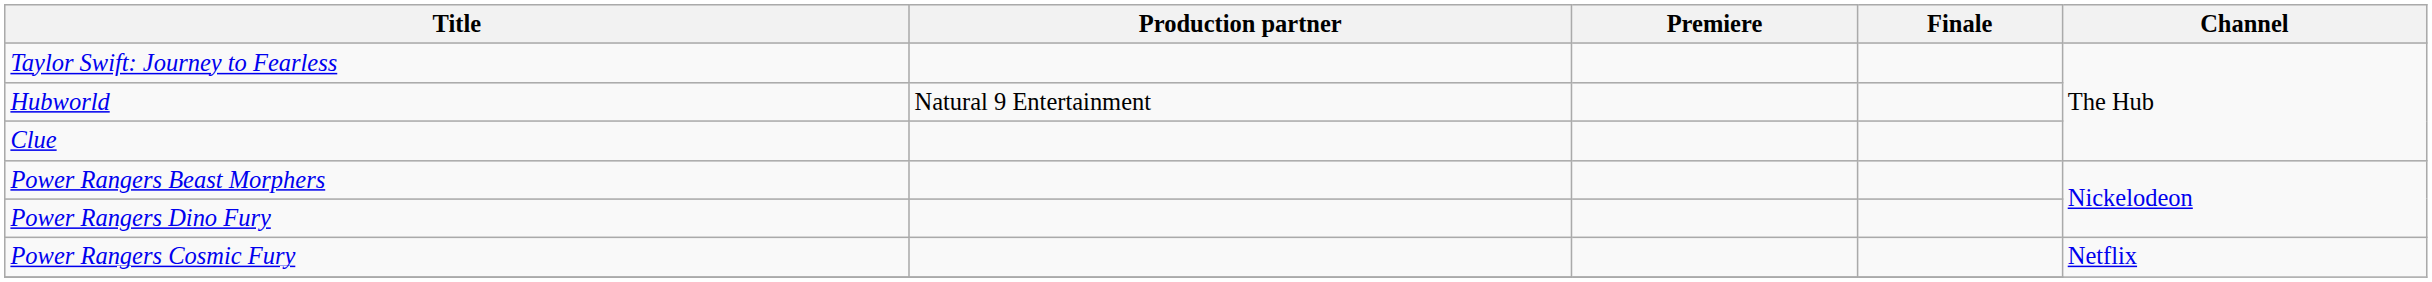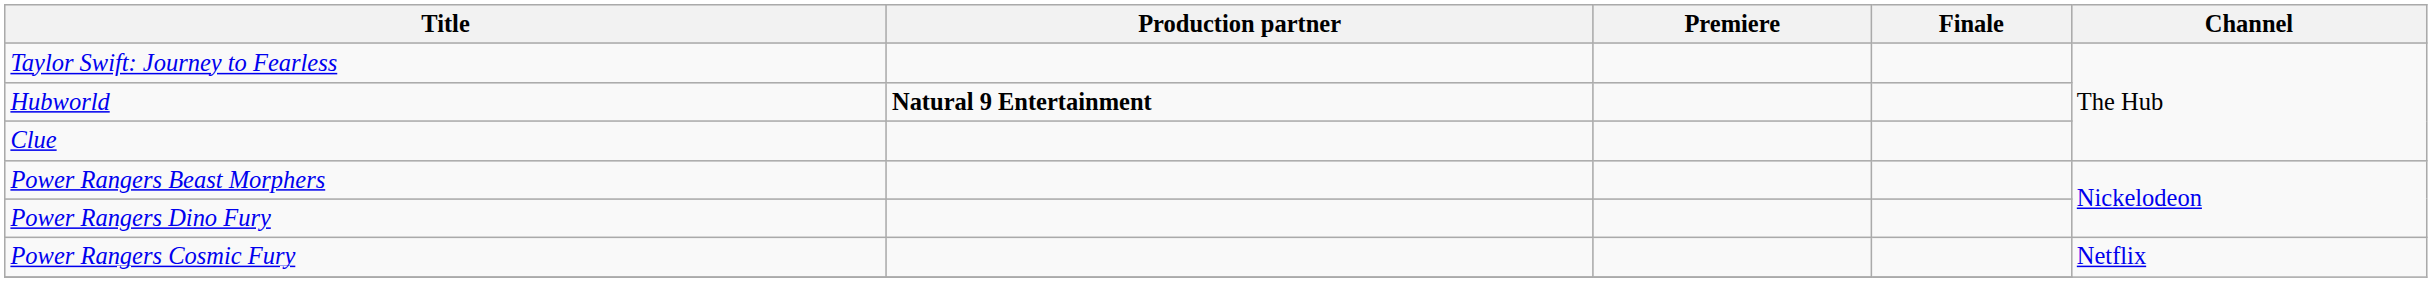 <table class="wikitable sortable" style="text-align:left" width=100%>
 <tr>
 <th>Title</th>
 <th>Production partner</th>
 <th>Premiere</th>
 <th>Finale</th>
 <th>Channel</th>
 </tr>
 <tr>
 <td><em><a href='#'>Taylor Swift: Journey to Fearless</a></em></td>
 <td></td>
 <td></td>
 <td></td>
 <td rowspan=3>The Hub</td>
 </tr>
 <tr>
 <td><em><a href='#'>Hubworld</a></em></td>
-<td>Natural 9 Entertainment</td>
+<td><strong>Natural 9 Entertainment</strong></td>
 <td></td>
 <td></td>
 </tr>
 <tr>
 <td><em><a href='#'>Clue</a></em></td>
 <td></td>
 <td></td>
 <td></td>
 </tr>
 <tr>
 <td><em><a href='#'>Power Rangers Beast Morphers</a></em></td>
 <td></td>
 <td></td>
 <td></td>
 <td rowspan=2><a href='#'>Nickelodeon</a></td>
 </tr>
 <tr>
 <td><em><a href='#'>Power Rangers Dino Fury</a></em></td>
 <td></td>
 <td></td>
 <td></td>
 </tr>
 <tr>
 <td><em><a href='#'>Power Rangers Cosmic Fury</a></em></td>
 <td></td>
 <td></td>
 <td></td>
 <td rowspan=2><a href='#'>Netflix</a></td>
 </tr>
 <tr>
 </tr>
 </table>
